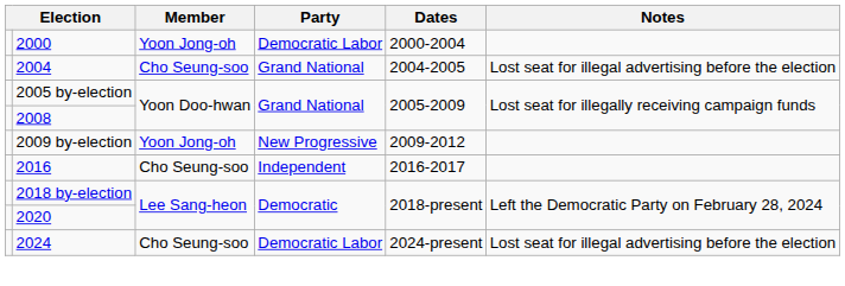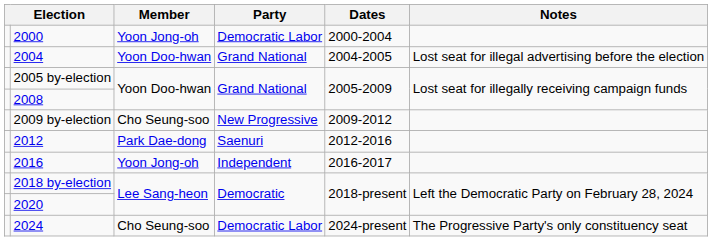 <table class="wikitable">
 <tr>
 <th colspan="2">Election</th>
 <th>Member</th>
 <th>Party</th>
 <th>Dates</th>
 <th>Notes</th>
 </tr>
 <tr>
 <td style="color:inherit;background:"></td>
 <td><a href='#'>2000</a></td>
 <td rowspan="1"><a href='#'>Yoon Jong-oh</a></td>
 <td rowspan="1"><a href='#'>Democratic Labor</a></td>
 <td rowspan="1">2000-2004</td>
 <td rowspan="1"></td>
 </tr>
 <tr>
 <td style="color:inherit;background:"></td>
 <td><a href='#'>2004</a></td>
-<td rowspan="1"><a href='#'>Cho Seung-soo</a></td>
+<td rowspan="1"><a href='#'>Yoon Doo-hwan</a></td>
 <td rowspan="1"><a href='#'>Grand National</a></td>
 <td rowspan="1">2004-2005</td>
 <td rowspan="1">Lost seat for illegal advertising before the election</td>
 </tr>
 <tr>
 <td style="color:inherit;background:"></td>
 <td>2005 by-election</td>
 <td rowspan="2">Yoon Doo-hwan</td>
 <td rowspan="2"><a href='#'>Grand National</a></td>
 <td rowspan="2">2005-2009</td>
 <td rowspan="2">Lost seat for illegally receiving campaign funds</td>
 </tr>
 <tr>
 <td style="color:inherit;background:"></td>
 <td><a href='#'>2008</a></td>
 </tr>
 <tr>
 <td style="color:inherit;background:"></td>
 <td>2009 by-election</td>
-<td rowspan="1"><a href='#'>Yoon Jong-oh</a></td>
+<td rowspan="1">Cho Seung-soo</td>
 <td rowspan="1"><a href='#'>New Progressive</a></td>
 <td rowspan="1">2009-2012</td>
 <td rowspan="1"></td>
 </tr>
 <tr>
 <td style="color:inherit;background:"></td>
+<td><a href='#'>2012</a></td>
+<td rowspan="1"><a href='#'>Park Dae-dong</a></td>
+<td rowspan="1"><a href='#'>Saenuri</a></td>
+<td rowspan="1">2012-2016</td>
+<td rowspan="1"></td>
+</tr>
+<tr>
+<td style="color:inherit;background:"></td>
 <td><a href='#'>2016</a></td>
-<td rowspan="1">Cho Seung-soo</td>
+<td rowspan="1"><a href='#'>Yoon Jong-oh</a></td>
 <td rowspan="1"><a href='#'>Independent</a></td>
 <td rowspan="1">2016-2017</td>
 <td rowspan="1"></td>
 </tr>
 <tr>
 <td style="color:inherit;background:"></td>
 <td><a href='#'>2018 by-election</a></td>
 <td rowspan="2"><a href='#'>Lee Sang-heon</a></td>
 <td rowspan="2"><a href='#'>Democratic</a></td>
 <td rowspan="2">2018-present</td>
 <td rowspan="2">Left the Democratic Party on February 28, 2024</td>
 </tr>
 <tr>
 <td style="color:inherit;background:"></td>
 <td><a href='#'>2020</a></td>
 </tr>
 <tr>
 <td style="color:inherit;background:"></td>
 <td><a href='#'>2024</a></td>
 <td rowspan="1">Cho Seung-soo</td>
 <td rowspan="1"><a href='#'>Democratic Labor</a></td>
 <td rowspan="1">2024-present</td>
-<td rowspan="1">Lost seat for illegal advertising before the election</td>
+<td rowspan="1">The Progressive Party's only constituency seat</td>
 </tr>
 </table>
